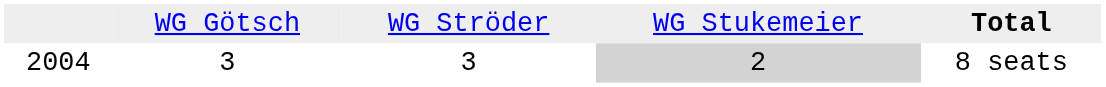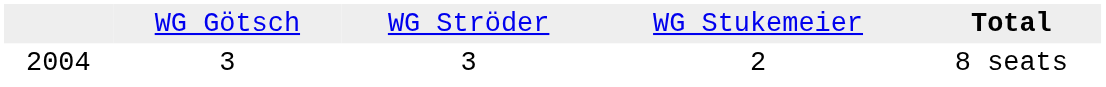 <table border="0" cellpadding="2" cellspacing="0" width="60%">
 <tr bgcolor="#eeeeee" align="center">
 <td></td>
 <td><a href='#'>WG Götsch</a></td>
 <td><a href='#'>WG Ströder</a></td>
 <td><a href='#'>WG Stukemeier</a></td>
 <td><strong>Total</strong></td>
 </tr>
 <tr align="center">
 <td>2004</td>
 <td>3</td>
 <td>3</td>
-<td style="background: lightgrey;">2</td>
+<td>2</td>
 <td>8 seats</td>
 </tr>
 </table>
